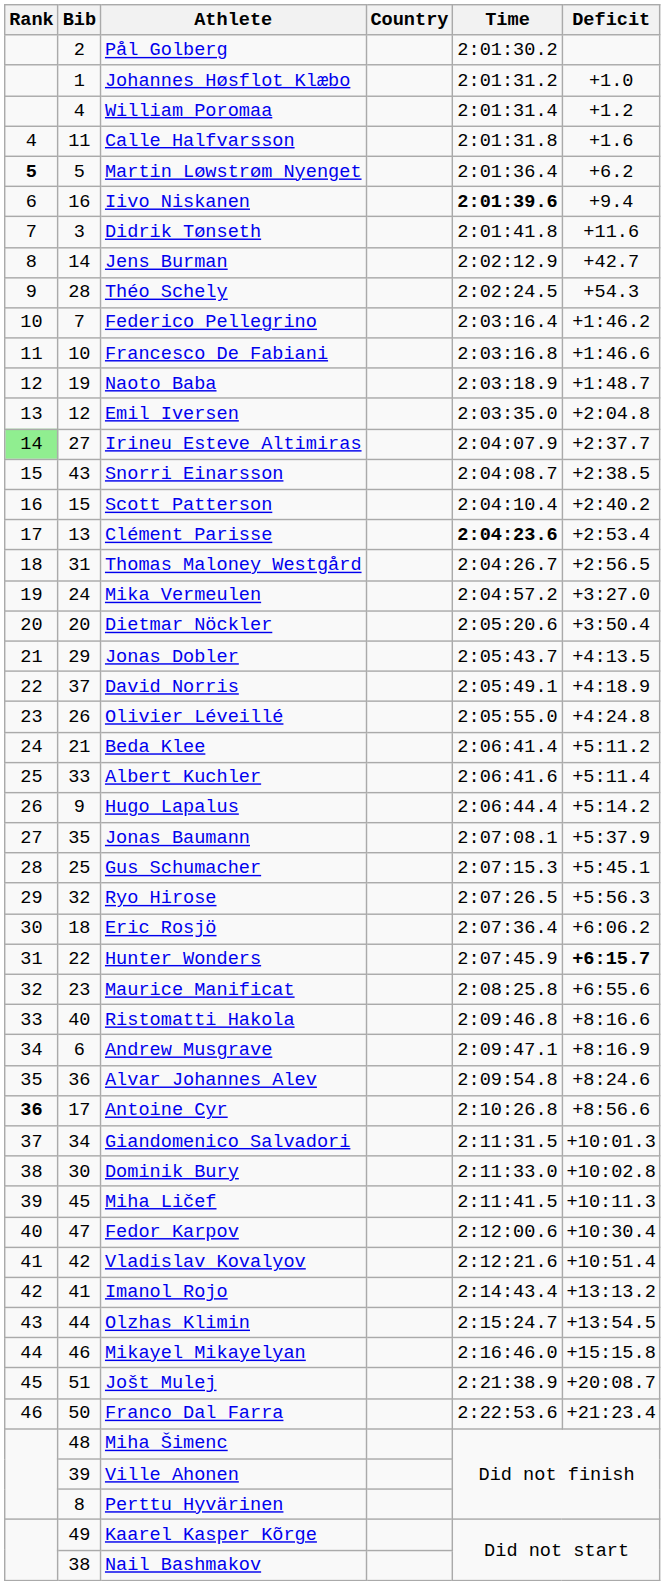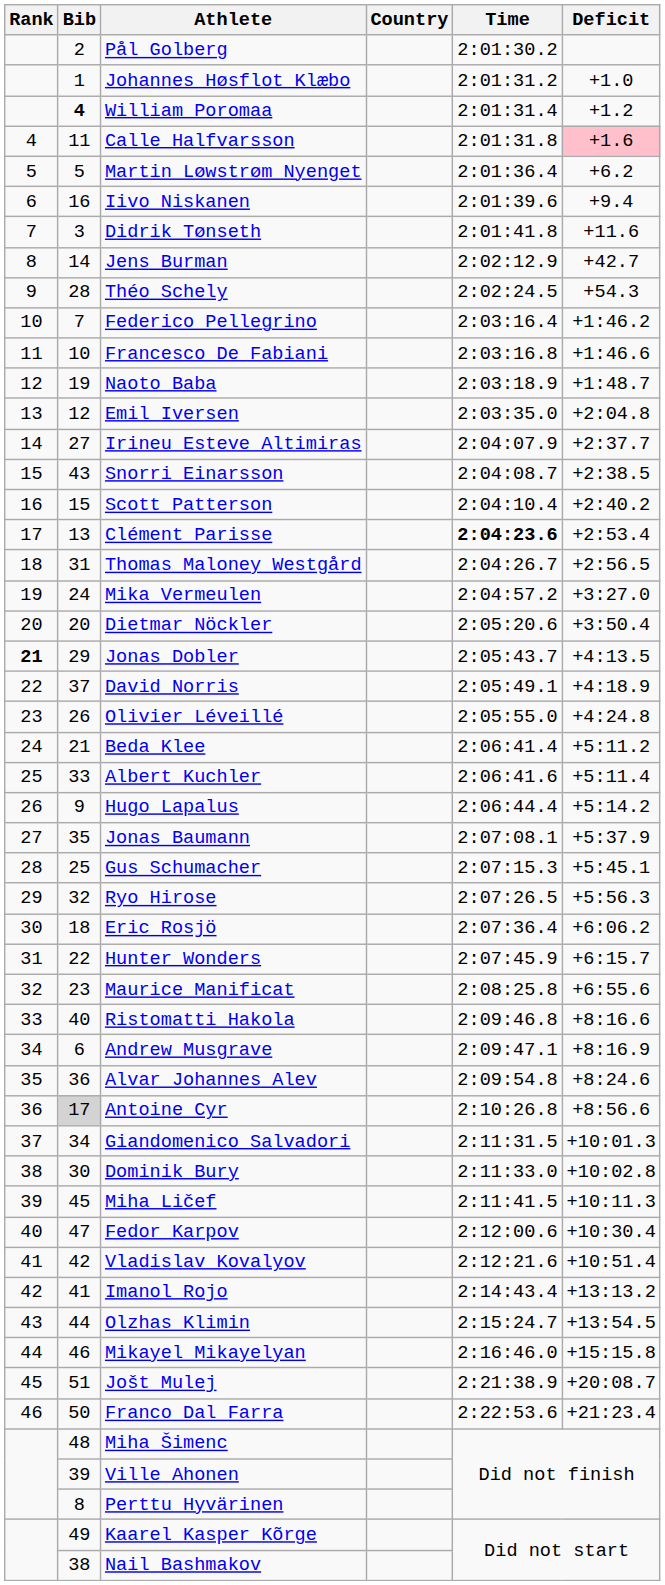 <table class="wikitable sortable" style="text-align:center">
 <tr>
 <th>Rank</th>
 <th>Bib</th>
 <th>Athlete</th>
 <th>Country</th>
 <th>Time</th>
 <th>Deficit</th>
 </tr>
 <tr>
 <td></td>
 <td>2</td>
 <td align=left><a href='#'>Pål Golberg</a></td>
 <td align=left></td>
 <td>2:01:30.2</td>
 <td></td>
 </tr>
 <tr>
 <td></td>
 <td>1</td>
 <td align=left><a href='#'>Johannes Høsflot Klæbo</a></td>
 <td align=left></td>
 <td>2:01:31.2</td>
 <td>+1.0</td>
 </tr>
 <tr>
 <td></td>
-<td>4</td>
+<td><strong>4</strong></td>
 <td align=left><a href='#'>William Poromaa</a></td>
 <td align=left></td>
 <td>2:01:31.4</td>
 <td>+1.2</td>
 </tr>
 <tr>
 <td>4</td>
 <td>11</td>
 <td align=left><a href='#'>Calle Halfvarsson</a></td>
 <td align=left></td>
 <td>2:01:31.8</td>
-<td>+1.6</td>
+<td style="background: pink;">+1.6</td>
 </tr>
 <tr>
-<td><strong>5</strong></td>
+<td>5</td>
 <td>5</td>
 <td align=left><a href='#'>Martin Løwstrøm Nyenget</a></td>
 <td align=left></td>
 <td>2:01:36.4</td>
 <td>+6.2</td>
 </tr>
 <tr>
 <td>6</td>
 <td>16</td>
 <td align=left><a href='#'>Iivo Niskanen</a></td>
 <td align=left></td>
-<td><strong>2:01:39.6</strong></td>
+<td>2:01:39.6</td>
 <td>+9.4</td>
 </tr>
 <tr>
 <td>7</td>
 <td>3</td>
 <td align=left><a href='#'>Didrik Tønseth</a></td>
 <td align=left></td>
 <td>2:01:41.8</td>
 <td>+11.6</td>
 </tr>
 <tr>
 <td>8</td>
 <td>14</td>
 <td align=left><a href='#'>Jens Burman</a></td>
 <td align=left></td>
 <td>2:02:12.9</td>
 <td>+42.7</td>
 </tr>
 <tr>
 <td>9</td>
 <td>28</td>
 <td align=left><a href='#'>Théo Schely</a></td>
 <td align=left></td>
 <td>2:02:24.5</td>
 <td>+54.3</td>
 </tr>
 <tr>
 <td>10</td>
 <td>7</td>
 <td align=left><a href='#'>Federico Pellegrino</a></td>
 <td align=left></td>
 <td>2:03:16.4</td>
 <td>+1:46.2</td>
 </tr>
 <tr>
 <td>11</td>
 <td>10</td>
 <td align=left><a href='#'>Francesco De Fabiani</a></td>
 <td align=left></td>
 <td>2:03:16.8</td>
 <td>+1:46.6</td>
 </tr>
 <tr>
 <td>12</td>
 <td>19</td>
 <td align=left><a href='#'>Naoto Baba</a></td>
 <td align=left></td>
 <td>2:03:18.9</td>
 <td>+1:48.7</td>
 </tr>
 <tr>
 <td>13</td>
 <td>12</td>
 <td align=left><a href='#'>Emil Iversen</a></td>
 <td align=left></td>
 <td>2:03:35.0</td>
 <td>+2:04.8</td>
 </tr>
 <tr>
-<td style="background: lightgreen;">14</td>
+<td>14</td>
 <td>27</td>
 <td align=left><a href='#'>Irineu Esteve Altimiras</a></td>
 <td align=left></td>
 <td>2:04:07.9</td>
 <td>+2:37.7</td>
 </tr>
 <tr>
 <td>15</td>
 <td>43</td>
 <td align=left><a href='#'>Snorri Einarsson</a></td>
 <td align=left></td>
 <td>2:04:08.7</td>
 <td>+2:38.5</td>
 </tr>
 <tr>
 <td>16</td>
 <td>15</td>
 <td align=left><a href='#'>Scott Patterson</a></td>
 <td align=left></td>
 <td>2:04:10.4</td>
 <td>+2:40.2</td>
 </tr>
 <tr>
 <td>17</td>
 <td>13</td>
 <td align=left><a href='#'>Clément Parisse</a></td>
 <td align=left></td>
 <td><strong>2:04:23.6</strong></td>
 <td>+2:53.4</td>
 </tr>
 <tr>
 <td>18</td>
 <td>31</td>
 <td align=left><a href='#'>Thomas Maloney Westgård</a></td>
 <td align=left></td>
 <td>2:04:26.7</td>
 <td>+2:56.5</td>
 </tr>
 <tr>
 <td>19</td>
 <td>24</td>
 <td align=left><a href='#'>Mika Vermeulen</a></td>
 <td align=left></td>
 <td>2:04:57.2</td>
 <td>+3:27.0</td>
 </tr>
 <tr>
 <td>20</td>
 <td>20</td>
 <td align=left><a href='#'>Dietmar Nöckler</a></td>
 <td align=left></td>
 <td>2:05:20.6</td>
 <td>+3:50.4</td>
 </tr>
 <tr>
-<td>21</td>
+<td><strong>21</strong></td>
 <td>29</td>
 <td align=left><a href='#'>Jonas Dobler</a></td>
 <td align=left></td>
 <td>2:05:43.7</td>
 <td>+4:13.5</td>
 </tr>
 <tr>
 <td>22</td>
 <td>37</td>
 <td align=left><a href='#'>David Norris</a></td>
 <td align=left></td>
 <td>2:05:49.1</td>
 <td>+4:18.9</td>
 </tr>
 <tr>
 <td>23</td>
 <td>26</td>
 <td align=left><a href='#'>Olivier Léveillé</a></td>
 <td align=left></td>
 <td>2:05:55.0</td>
 <td>+4:24.8</td>
 </tr>
 <tr>
 <td>24</td>
 <td>21</td>
 <td align=left><a href='#'>Beda Klee</a></td>
 <td align=left></td>
 <td>2:06:41.4</td>
 <td>+5:11.2</td>
 </tr>
 <tr>
 <td>25</td>
 <td>33</td>
 <td align=left><a href='#'>Albert Kuchler</a></td>
 <td align=left></td>
 <td>2:06:41.6</td>
 <td>+5:11.4</td>
 </tr>
 <tr>
 <td>26</td>
 <td>9</td>
 <td align=left><a href='#'>Hugo Lapalus</a></td>
 <td align=left></td>
 <td>2:06:44.4</td>
 <td>+5:14.2</td>
 </tr>
 <tr>
 <td>27</td>
 <td>35</td>
 <td align=left><a href='#'>Jonas Baumann</a></td>
 <td align=left></td>
 <td>2:07:08.1</td>
 <td>+5:37.9</td>
 </tr>
 <tr>
 <td>28</td>
 <td>25</td>
 <td align=left><a href='#'>Gus Schumacher</a></td>
 <td align=left></td>
 <td>2:07:15.3</td>
 <td>+5:45.1</td>
 </tr>
 <tr>
 <td>29</td>
 <td>32</td>
 <td align=left><a href='#'>Ryo Hirose</a></td>
 <td align=left></td>
 <td>2:07:26.5</td>
 <td>+5:56.3</td>
 </tr>
 <tr>
 <td>30</td>
 <td>18</td>
 <td align=left><a href='#'>Eric Rosjö</a></td>
 <td align=left></td>
 <td>2:07:36.4</td>
 <td>+6:06.2</td>
 </tr>
 <tr>
 <td>31</td>
 <td>22</td>
 <td align=left><a href='#'>Hunter Wonders</a></td>
 <td align=left></td>
 <td>2:07:45.9</td>
-<td><strong>+6:15.7</strong></td>
+<td>+6:15.7</td>
 </tr>
 <tr>
 <td>32</td>
 <td>23</td>
 <td align=left><a href='#'>Maurice Manificat</a></td>
 <td align=left></td>
 <td>2:08:25.8</td>
 <td>+6:55.6</td>
 </tr>
 <tr>
 <td>33</td>
 <td>40</td>
 <td align=left><a href='#'>Ristomatti Hakola</a></td>
 <td align=left></td>
 <td>2:09:46.8</td>
 <td>+8:16.6</td>
 </tr>
 <tr>
 <td>34</td>
 <td>6</td>
 <td align=left><a href='#'>Andrew Musgrave</a></td>
 <td align=left></td>
 <td>2:09:47.1</td>
 <td>+8:16.9</td>
 </tr>
 <tr>
 <td>35</td>
 <td>36</td>
 <td align=left><a href='#'>Alvar Johannes Alev</a></td>
 <td align=left></td>
 <td>2:09:54.8</td>
 <td>+8:24.6</td>
 </tr>
 <tr>
-<td><strong>36</strong></td>
-<td>17</td>
+<td>36</td>
+<td style="background: lightgrey;">17</td>
 <td align=left><a href='#'>Antoine Cyr</a></td>
 <td align=left></td>
 <td>2:10:26.8</td>
 <td>+8:56.6</td>
 </tr>
 <tr>
 <td>37</td>
 <td>34</td>
 <td align=left><a href='#'>Giandomenico Salvadori</a></td>
 <td align=left></td>
 <td>2:11:31.5</td>
 <td>+10:01.3</td>
 </tr>
 <tr>
 <td>38</td>
 <td>30</td>
 <td align=left><a href='#'>Dominik Bury</a></td>
 <td align=left></td>
 <td>2:11:33.0</td>
 <td>+10:02.8</td>
 </tr>
 <tr>
 <td>39</td>
 <td>45</td>
 <td align=left><a href='#'>Miha Ličef</a></td>
 <td align=left></td>
 <td>2:11:41.5</td>
 <td>+10:11.3</td>
 </tr>
 <tr>
 <td>40</td>
 <td>47</td>
 <td align=left><a href='#'>Fedor Karpov</a></td>
 <td align=left></td>
 <td>2:12:00.6</td>
 <td>+10:30.4</td>
 </tr>
 <tr>
 <td>41</td>
 <td>42</td>
 <td align=left><a href='#'>Vladislav Kovalyov</a></td>
 <td align=left></td>
 <td>2:12:21.6</td>
 <td>+10:51.4</td>
 </tr>
 <tr>
 <td>42</td>
 <td>41</td>
 <td align=left><a href='#'>Imanol Rojo</a></td>
 <td align=left></td>
 <td>2:14:43.4</td>
 <td>+13:13.2</td>
 </tr>
 <tr>
 <td>43</td>
 <td>44</td>
 <td align=left><a href='#'>Olzhas Klimin</a></td>
 <td align=left></td>
 <td>2:15:24.7</td>
 <td>+13:54.5</td>
 </tr>
 <tr>
 <td>44</td>
 <td>46</td>
 <td align=left><a href='#'>Mikayel Mikayelyan</a></td>
 <td align=left></td>
 <td>2:16:46.0</td>
 <td>+15:15.8</td>
 </tr>
 <tr>
 <td>45</td>
 <td>51</td>
 <td align=left><a href='#'>Jošt Mulej</a></td>
 <td align=left></td>
 <td>2:21:38.9</td>
 <td>+20:08.7</td>
 </tr>
 <tr>
 <td>46</td>
 <td>50</td>
 <td align=left><a href='#'>Franco Dal Farra</a></td>
 <td align=left></td>
 <td>2:22:53.6</td>
 <td>+21:23.4</td>
 </tr>
 <tr>
 <td rowspan=3></td>
 <td>48</td>
 <td align=left><a href='#'>Miha Šimenc</a></td>
 <td align=left></td>
 <td colspan=2 rowspan=3>Did not finish</td>
 </tr>
 <tr>
 <td>39</td>
 <td align=left><a href='#'>Ville Ahonen</a></td>
 <td align=left></td>
 </tr>
 <tr>
 <td>8</td>
 <td align=left><a href='#'>Perttu Hyvärinen</a></td>
 <td align=left></td>
 </tr>
 <tr>
 <td rowspan=2></td>
 <td>49</td>
 <td align=left><a href='#'>Kaarel Kasper Kõrge</a></td>
 <td align=left></td>
 <td colspan=2 rowspan=2>Did not start</td>
 </tr>
 <tr>
 <td>38</td>
 <td align=left><a href='#'>Nail Bashmakov</a></td>
 <td align=left></td>
 </tr>
 </table>
